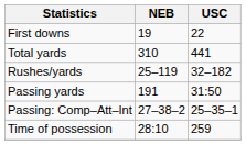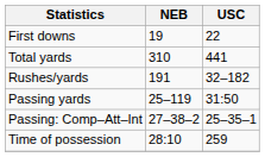 <table class="wikitable" style="float: left;">
 <tr>
 <th>Statistics</th>
 <th>NEB</th>
 <th>USC</th>
 </tr>
 <tr>
 <td>First downs</td>
 <td>19</td>
 <td>22</td>
 </tr>
 <tr>
 <td>Total yards</td>
 <td>310</td>
 <td>441</td>
 </tr>
 <tr>
 <td>Rushes/yards</td>
-<td>25–119</td>
+<td>191</td>
 <td>32–182</td>
 </tr>
 <tr>
 <td>Passing yards</td>
-<td>191</td>
+<td>25–119</td>
 <td>31:50</td>
 </tr>
 <tr>
 <td>Passing: Comp–Att–Int</td>
 <td>27–38–2</td>
 <td>25–35–1</td>
 </tr>
 <tr>
 <td>Time of possession</td>
 <td>28:10</td>
 <td>259</td>
 </tr>
 <tr>
 </tr>
 </table>
